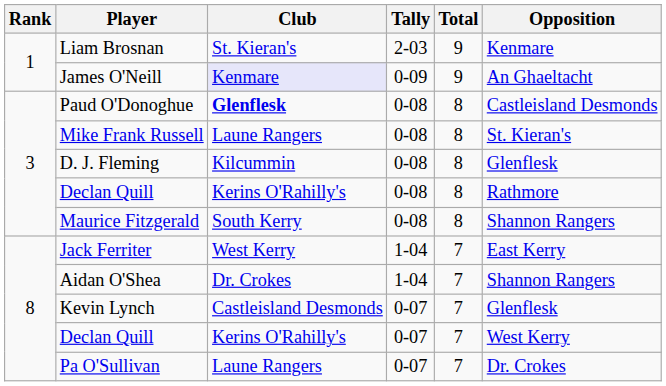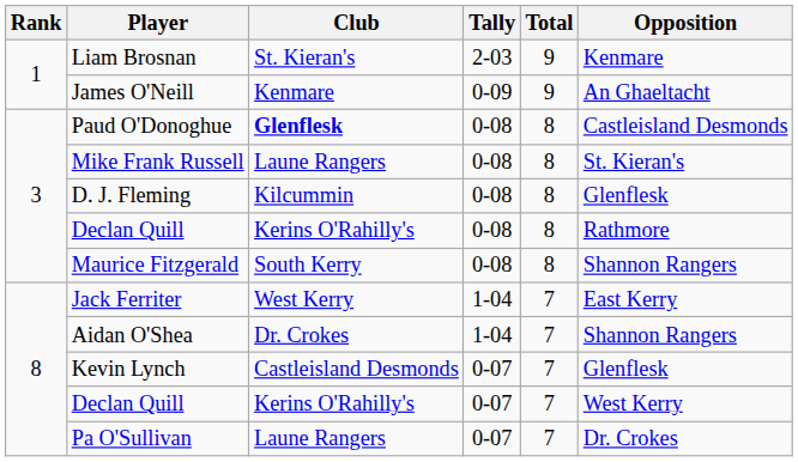 <table class="wikitable">
 <tr>
 <th>Rank</th>
 <th>Player</th>
 <th>Club</th>
 <th>Tally</th>
 <th>Total</th>
 <th>Opposition</th>
 </tr>
 <tr>
 <td rowspan="2" style="text-align:center;">1</td>
 <td>Liam Brosnan</td>
 <td><a href='#'>St. Kieran's</a></td>
 <td align=center>2-03</td>
 <td align=center>9</td>
 <td><a href='#'>Kenmare</a></td>
 </tr>
 <tr>
 <td>James O'Neill</td>
-<td style="background: lavender;"><a href='#'>Kenmare</a></td>
+<td><a href='#'>Kenmare</a></td>
 <td align=center>0-09</td>
 <td align=center>9</td>
 <td><a href='#'>An Ghaeltacht</a></td>
 </tr>
 <tr>
 <td rowspan="5" style="text-align:center;">3</td>
 <td>Paud O'Donoghue</td>
 <td><strong><a href='#'>Glenflesk</a></strong></td>
 <td align=center>0-08</td>
 <td align=center>8</td>
 <td><a href='#'>Castleisland Desmonds</a></td>
 </tr>
 <tr>
 <td><a href='#'>Mike Frank Russell</a></td>
 <td><a href='#'>Laune Rangers</a></td>
 <td align=center>0-08</td>
 <td align=center>8</td>
 <td><a href='#'>St. Kieran's</a></td>
 </tr>
 <tr>
 <td>D. J. Fleming</td>
 <td><a href='#'>Kilcummin</a></td>
 <td align=center>0-08</td>
 <td align=center>8</td>
 <td><a href='#'>Glenflesk</a></td>
 </tr>
 <tr>
 <td><a href='#'>Declan Quill</a></td>
 <td><a href='#'>Kerins O'Rahilly's</a></td>
 <td align=center>0-08</td>
 <td align=center>8</td>
 <td><a href='#'>Rathmore</a></td>
 </tr>
 <tr>
 <td><a href='#'>Maurice Fitzgerald</a></td>
 <td><a href='#'>South Kerry</a></td>
 <td align=center>0-08</td>
 <td align=center>8</td>
 <td><a href='#'>Shannon Rangers</a></td>
 </tr>
 <tr>
 <td rowspan="5" style="text-align:center;">8</td>
 <td><a href='#'>Jack Ferriter</a></td>
 <td><a href='#'>West Kerry</a></td>
 <td align=center>1-04</td>
 <td align=center>7</td>
 <td><a href='#'>East Kerry</a></td>
 </tr>
 <tr>
 <td>Aidan O'Shea</td>
 <td><a href='#'>Dr. Crokes</a></td>
 <td align=center>1-04</td>
 <td align=center>7</td>
 <td><a href='#'>Shannon Rangers</a></td>
 </tr>
 <tr>
 <td>Kevin Lynch</td>
 <td><a href='#'>Castleisland Desmonds</a></td>
 <td align=center>0-07</td>
 <td align=center>7</td>
 <td><a href='#'>Glenflesk</a></td>
 </tr>
 <tr>
 <td><a href='#'>Declan Quill</a></td>
 <td><a href='#'>Kerins O'Rahilly's</a></td>
 <td align=center>0-07</td>
 <td align=center>7</td>
 <td><a href='#'>West Kerry</a></td>
 </tr>
 <tr>
 <td><a href='#'>Pa O'Sullivan</a></td>
 <td><a href='#'>Laune Rangers</a></td>
 <td align=center>0-07</td>
 <td align=center>7</td>
 <td><a href='#'>Dr. Crokes</a></td>
 </tr>
 </table>
